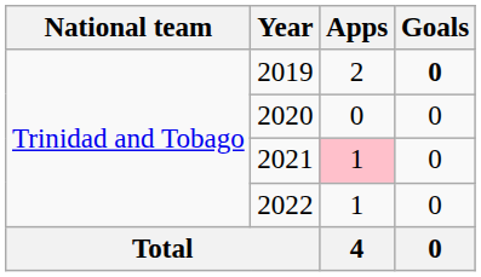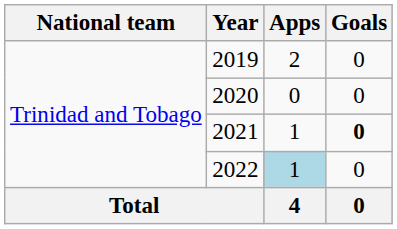 <table class="wikitable" style="text-align:center">
 <tr>
 <th>National team</th>
 <th>Year</th>
 <th>Apps</th>
 <th>Goals</th>
 </tr>
 <tr>
 <td rowspan="4"><a href='#'>Trinidad and Tobago</a></td>
 <td>2019</td>
 <td>2</td>
-<td><strong>0</strong></td>
+<td>0</td>
 </tr>
 <tr>
 <td>2020</td>
 <td>0</td>
 <td>0</td>
 </tr>
 <tr>
 <td>2021</td>
-<td style="background: pink;">1</td>
-<td>0</td>
+<td>1</td>
+<td><strong>0</strong></td>
 </tr>
 <tr>
 <td>2022</td>
-<td>1</td>
+<td style="background: lightblue;">1</td>
 <td>0</td>
 </tr>
 <tr>
 <th colspan=2>Total</th>
 <th>4</th>
 <th>0</th>
 </tr>
 </table>
